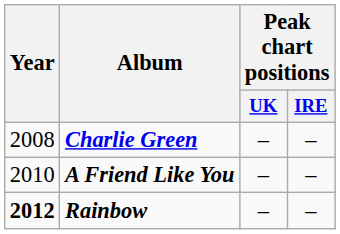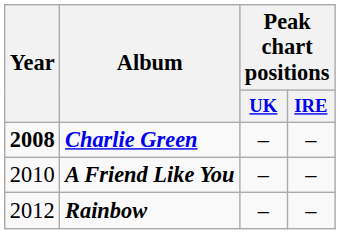 <table class=wikitable style=text-align:center;>
 <tr>
 <th rowspan=2>Year</th>
 <th rowspan=2>Album</th>
 <th colspan=2>Peak chart positions</th>
 </tr>
 <tr style=font-size:smaller;>
 <th width=25><a href='#'>UK</a></th>
 <th width=25><a href='#'>IRE</a></th>
 </tr>
 <tr>
-<td>2008</td>
+<td><strong>2008</strong></td>
 <td align=left><strong><em><a href='#'>Charlie Green</a></em></strong></td>
 <td>–</td>
 <td>–</td>
 </tr>
 <tr>
 <td>2010</td>
 <td align=left><strong><em>A Friend Like You</em></strong></td>
 <td>–</td>
 <td>–</td>
 </tr>
 <tr>
-<td><strong>2012</strong></td>
+<td>2012</td>
 <td align=left><strong><em>Rainbow</em></strong></td>
 <td>–</td>
 <td>–</td>
 </tr>
 </table>
